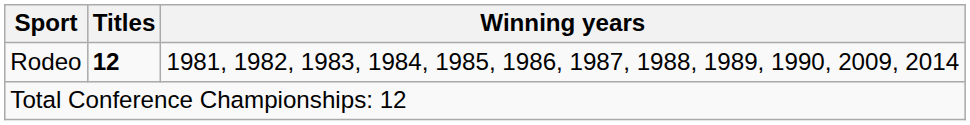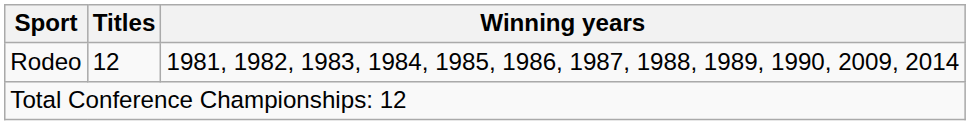 <table class= wikitable>
 <tr>
 <th width=px>Sport</th>
 <th width=px>Titles</th>
 <th width=px>Winning years</th>
 </tr>
 <tr>
 <td>Rodeo </td>
-<td><strong>12</strong></td>
+<td>12</td>
 <td>1981, 1982, 1983, 1984, 1985, 1986, 1987, 1988, 1989, 1990, 2009, 2014</td>
 </tr>
 <tr>
 <td colspan="4">Total Conference Championships: 12</td>
 </tr>
 </table>
